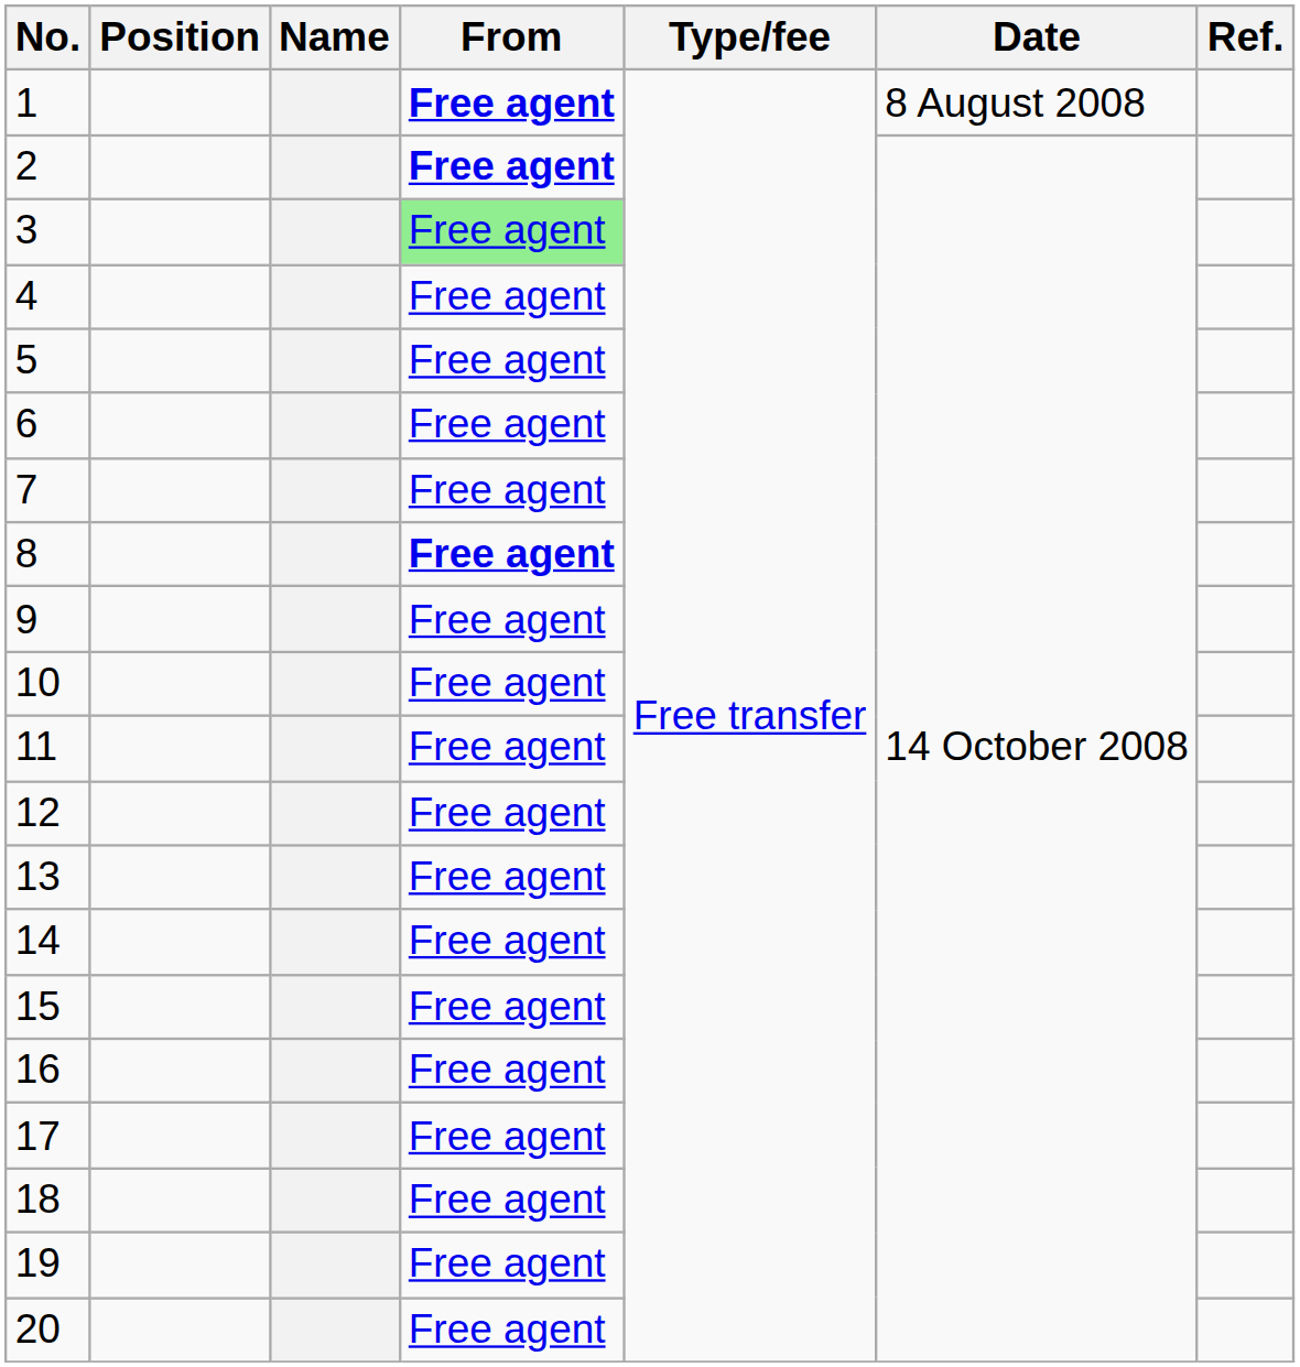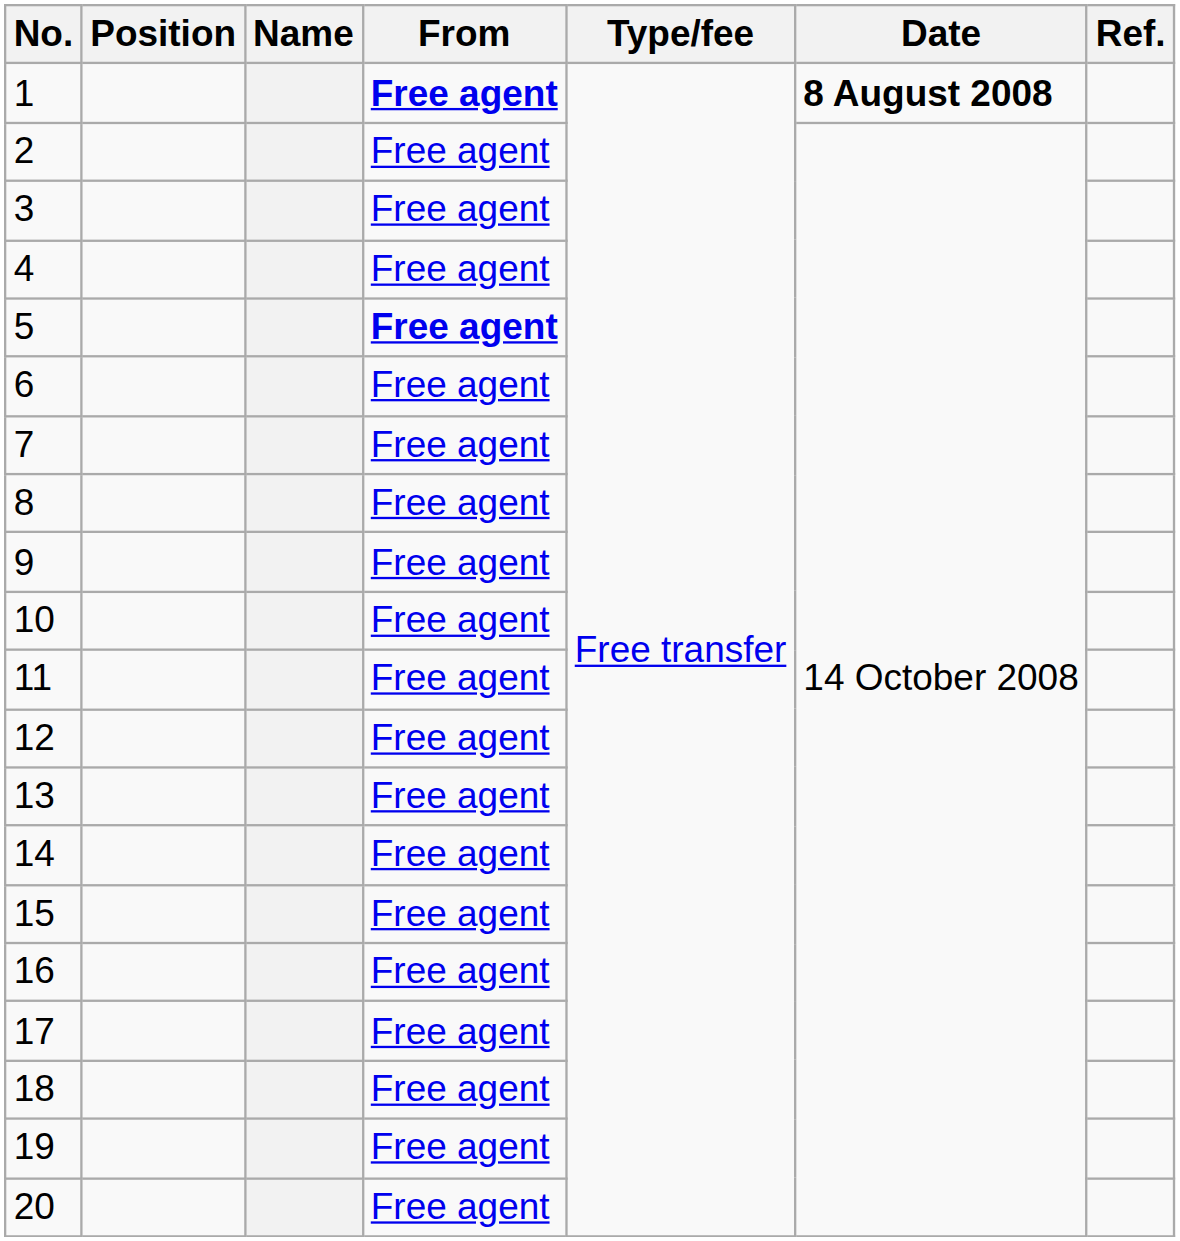 <table class="wikitable plainrowheaders sortable" style="text-align:center; text-align:left">
 <tr>
 <th>No.</th>
 <th>Position</th>
 <th>Name</th>
 <th>From</th>
 <th>Type/fee</th>
 <th>Date</th>
 <th>Ref.</th>
 </tr>
 <tr>
 <td>1</td>
 <td></td>
 <th scope="row"></th>
 <td><strong><a href='#'>Free agent</a></strong></td>
 <td rowspan="20"><a href='#'>Free transfer</a></td>
-<td>8 August 2008</td>
+<td><strong>8 August 2008</strong></td>
 <td></td>
 </tr>
 <tr>
 <td>2</td>
 <td></td>
 <th scope="row"></th>
-<td><strong><a href='#'>Free agent</a></strong></td>
+<td><a href='#'>Free agent</a></td>
 <td rowspan="19">14 October 2008</td>
 <td></td>
 </tr>
 <tr>
 <td>3</td>
 <td></td>
 <th scope="row"></th>
-<td style="background: lightgreen;"><a href='#'>Free agent</a></td>
+<td><a href='#'>Free agent</a></td>
 <td></td>
 </tr>
 <tr>
 <td>4</td>
 <td></td>
 <th scope="row"></th>
 <td><a href='#'>Free agent</a></td>
 <td></td>
 </tr>
 <tr>
 <td>5</td>
 <td></td>
 <th scope="row"></th>
-<td><a href='#'>Free agent</a></td>
+<td><strong><a href='#'>Free agent</a></strong></td>
 <td></td>
 </tr>
 <tr>
 <td>6</td>
 <td></td>
 <th scope="row"></th>
 <td><a href='#'>Free agent</a></td>
 <td></td>
 </tr>
 <tr>
 <td>7</td>
 <td></td>
 <th scope="row"></th>
 <td><a href='#'>Free agent</a></td>
 <td></td>
 </tr>
 <tr>
 <td>8</td>
 <td></td>
 <th scope="row"></th>
-<td><strong><a href='#'>Free agent</a></strong></td>
+<td><a href='#'>Free agent</a></td>
 <td></td>
 </tr>
 <tr>
 <td>9</td>
 <td></td>
 <th scope="row"></th>
 <td><a href='#'>Free agent</a></td>
 <td></td>
 </tr>
 <tr>
 <td>10</td>
 <td></td>
 <th scope="row"></th>
 <td><a href='#'>Free agent</a></td>
 <td></td>
 </tr>
 <tr>
 <td>11</td>
 <td></td>
 <th scope="row"></th>
 <td><a href='#'>Free agent</a></td>
 <td></td>
 </tr>
 <tr>
 <td>12</td>
 <td></td>
 <th scope="row"></th>
 <td><a href='#'>Free agent</a></td>
 <td></td>
 </tr>
 <tr>
 <td>13</td>
 <td></td>
 <th scope="row"></th>
 <td><a href='#'>Free agent</a></td>
 <td></td>
 </tr>
 <tr>
 <td>14</td>
 <td></td>
 <th scope="row"></th>
 <td><a href='#'>Free agent</a></td>
 <td></td>
 </tr>
 <tr>
 <td>15</td>
 <td></td>
 <th scope="row"></th>
 <td><a href='#'>Free agent</a></td>
 <td></td>
 </tr>
 <tr>
 <td>16</td>
 <td></td>
 <th scope="row"></th>
 <td><a href='#'>Free agent</a></td>
 <td></td>
 </tr>
 <tr>
 <td>17</td>
 <td></td>
 <th scope="row"></th>
 <td><a href='#'>Free agent</a></td>
 <td></td>
 </tr>
 <tr>
 <td>18</td>
 <td></td>
 <th scope="row"></th>
 <td><a href='#'>Free agent</a></td>
 <td></td>
 </tr>
 <tr>
 <td>19</td>
 <td></td>
 <th scope="row"></th>
 <td><a href='#'>Free agent</a></td>
 <td></td>
 </tr>
 <tr>
 <td>20</td>
 <td></td>
 <th scope="row"></th>
 <td><a href='#'>Free agent</a></td>
 <td></td>
 </tr>
 </table>
